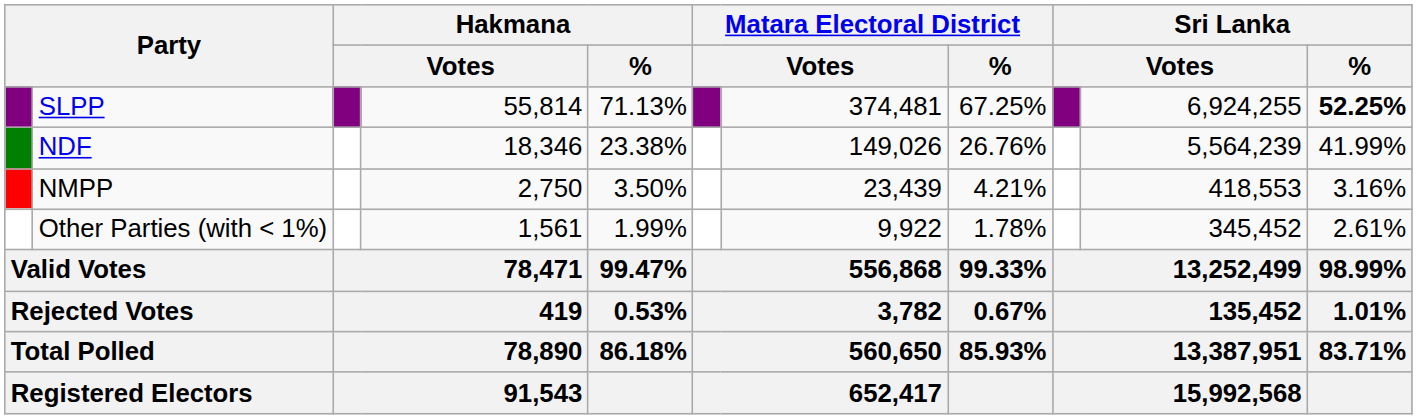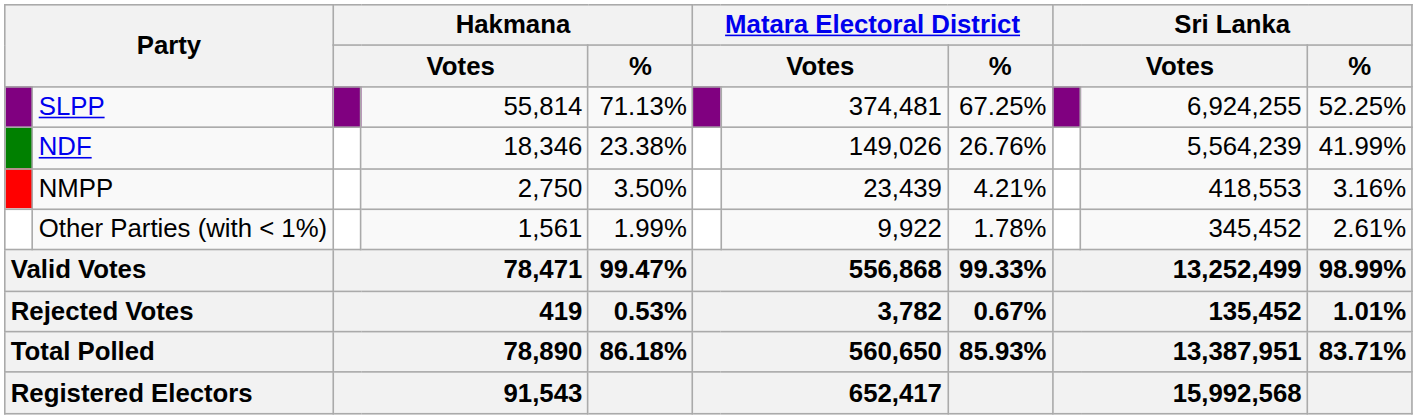 <table class="wikitable">
 <tr>
 <th colspan="2" width="144px"rowspan="2">Party</th>
 <th colspan="3" width="216px">Hakmana</th>
 <th colspan="3" width="216px"><a href='#'>Matara Electoral District</a></th>
 <th colspan="3" width="216px">Sri Lanka</th>
 </tr>
 <tr>
 <th colspan="2" width="144px">Votes</th>
 <th>%</th>
 <th colspan="2" width="144px">Votes</th>
 <th>%</th>
 <th colspan="2" width="144px">Votes</th>
 <th>%</th>
 </tr>
 <tr>
 <td style="background-color:purple;" width="10px"></td>
 <td style="text-align:left;"><a href='#'>SLPP</a></td>
 <td style="background-color:purple;" width="10px"></td>
 <td style="text-align:right;">55,814</td>
 <td style="text-align:right;">71.13%</td>
 <td style="background-color:purple;" width="10px"></td>
 <td style="text-align:right;">374,481</td>
 <td style="text-align:right;">67.25%</td>
 <td style="background-color:purple;" width="10px"></td>
 <td style="text-align:right;">6,924,255</td>
-<td style="text-align:right;"><strong>52.25%</strong></td>
+<td style="text-align:right;">52.25%</td>
 </tr>
 <tr>
 <td style="background-color:green;" width="10px"></td>
 <td style="text-align:left;"><a href='#'>NDF</a></td>
 <td style="background-color:white;" width="10px"></td>
 <td style="text-align:right;">18,346</td>
 <td style="text-align:right;">23.38%</td>
 <td style="background-color:white;" width="10px"></td>
 <td style="text-align:right;">149,026</td>
 <td style="text-align:right;">26.76%</td>
 <td style="background-color:white;" width="10px"></td>
 <td style="text-align:right;">5,564,239</td>
 <td style="text-align:right;">41.99%</td>
 </tr>
 <tr>
 <td style="background-color:red;" width="10px"></td>
 <td style="text-align:left;">NMPP</td>
 <td style="background-color:white;" width="10px"></td>
 <td style="text-align:right;">2,750</td>
 <td style="text-align:right;">3.50%</td>
 <td style="background-color:white;" width="10px"></td>
 <td style="text-align:right;">23,439</td>
 <td style="text-align:right;">4.21%</td>
 <td style="background-color:white;" width="10px"></td>
 <td style="text-align:right;">418,553</td>
 <td style="text-align:right;">3.16%</td>
 </tr>
 <tr>
 <td style="background-color:white;" width="10px"></td>
 <td style="text-align:left;">Other Parties (with < 1%)</td>
 <td style="background-color:white;" width="10px"></td>
 <td style="text-align:right;">1,561</td>
 <td style="text-align:right;">1.99%</td>
 <td style="background-color:white;" width="10px"></td>
 <td style="text-align:right;">9,922</td>
 <td style="text-align:right;">1.78%</td>
 <td style="background-color:white;" width="10px"></td>
 <td style="text-align:right;">345,452</td>
 <td style="text-align:right;">2.61%</td>
 </tr>
 <tr>
 <th colspan="2" width="144px"style="text-align:left;">Valid Votes</th>
 <th style="text-align:right;"colspan="2" width="144px">78,471</th>
 <th style="text-align:right;">99.47%</th>
 <th style="text-align:right;"colspan="2" width="144px">556,868</th>
 <th style="text-align:right;">99.33%</th>
 <th style="text-align:right;"colspan="2" width="144px">13,252,499</th>
 <th style="text-align:right;">98.99%</th>
 </tr>
 <tr>
 <th colspan="2" width="144px"style="text-align:left;">Rejected Votes</th>
 <th style="text-align:right;"colspan="2" width="144px">419</th>
 <th style="text-align:right;">0.53%</th>
 <th style="text-align:right;"colspan="2" width="144px">3,782</th>
 <th style="text-align:right;">0.67%</th>
 <th style="text-align:right;"colspan="2" width="144px">135,452</th>
 <th style="text-align:right;">1.01%</th>
 </tr>
 <tr>
 <th colspan="2" width="144px"style="text-align:left;">Total Polled</th>
 <th style="text-align:right;"colspan="2" width="144px">78,890</th>
 <th style="text-align:right;">86.18%</th>
 <th style="text-align:right;"colspan="2" width="144px">560,650</th>
 <th style="text-align:right;">85.93%</th>
 <th style="text-align:right;"colspan="2" width="144px">13,387,951</th>
 <th style="text-align:right;">83.71%</th>
 </tr>
 <tr>
 <th colspan="2" width="144px"style="text-align:left;">Registered Electors</th>
 <th style="text-align:right;"colspan="2" width="144px">91,543</th>
 <th></th>
 <th style="text-align:right;"colspan="2" width="144px">652,417</th>
 <th></th>
 <th style="text-align:right;"colspan="2" width="144px">15,992,568</th>
 <th></th>
 </tr>
 </table>
